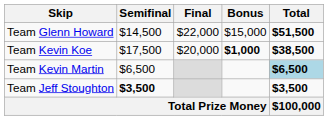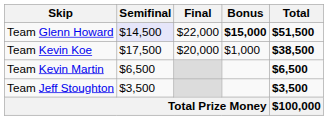 <table class="wikitable sortable">
 <tr>
 <th>Skip</th>
 <th>Semifinal</th>
 <th>Final</th>
 <th>Bonus</th>
 <th>Total</th>
 </tr>
 <tr>
 <td>Team <a href='#'>Glenn Howard</a></td>
-<td>$14,500</td>
+<td style="background: lavender;">$14,500</td>
 <td>$22,000</td>
-<td>$15,000</td>
+<td><strong>$15,000</strong></td>
 <td><strong>$51,500</strong></td>
 </tr>
 <tr>
 <td>Team <a href='#'>Kevin Koe</a></td>
 <td>$17,500</td>
 <td>$20,000</td>
-<td><strong>$1,000</strong></td>
+<td>$1,000</td>
 <td><strong>$38,500</strong></td>
 </tr>
 <tr>
 <td>Team <a href='#'>Kevin Martin</a></td>
 <td>$6,500</td>
 <td bgcolor=#DCDCDC></td>
 <td></td>
-<td style="background: lightblue;"><strong>$6,500</strong></td>
+<td><strong>$6,500</strong></td>
 </tr>
 <tr>
 <td>Team <a href='#'>Jeff Stoughton</a></td>
-<td><strong>$3,500</strong></td>
+<td>$3,500</td>
 <td bgcolor=#DCDCDC></td>
 <td></td>
 <td><strong>$3,500</strong></td>
 </tr>
 <tr class=sortbottom>
 <th colspan=4 style="text-align:right;">Total Prize Money</th>
 <th>$100,000</th>
 </tr>
 </table>
